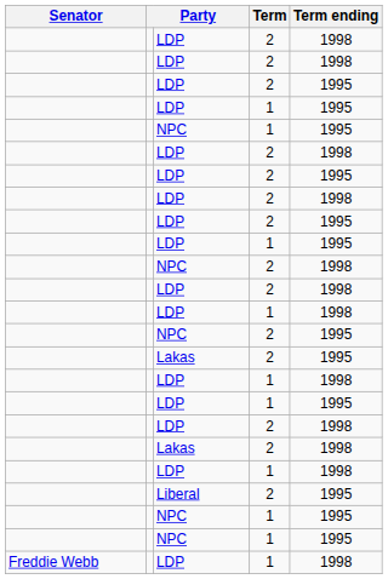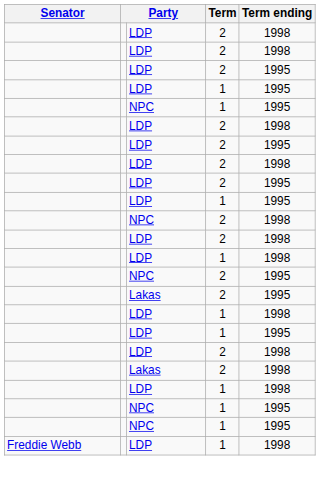 <table class="wikitable sortable">
 <tr>
 <th width="150px"><a href='#'>Senator</a></th>
 <th colspan="2"><a href='#'>Party</a></th>
 <th>Term</th>
 <th>Term ending</th>
 </tr>
 <tr>
 <td></td>
 <td></td>
 <td width="100px"><a href='#'>LDP</a></td>
 <td align="center">2</td>
 <td align="center">1998</td>
 </tr>
 <tr>
 <td></td>
 <td></td>
 <td><a href='#'>LDP</a></td>
 <td align="center">2</td>
 <td align="center">1998</td>
 </tr>
 <tr>
 <td></td>
 <td></td>
 <td><a href='#'>LDP</a></td>
 <td align="center">2</td>
 <td align="center">1995</td>
 </tr>
 <tr>
 <td></td>
 <td></td>
 <td><a href='#'>LDP</a></td>
 <td align="center">1</td>
 <td align="center">1995</td>
 </tr>
 <tr>
 <td></td>
 <td></td>
 <td><a href='#'>NPC</a></td>
 <td align="center">1</td>
 <td align="center">1995</td>
 </tr>
 <tr>
 <td></td>
 <td></td>
 <td><a href='#'>LDP</a></td>
 <td align="center">2</td>
 <td align="center">1998</td>
 </tr>
 <tr>
 <td></td>
 <td></td>
 <td><a href='#'>LDP</a></td>
 <td align="center">2</td>
 <td align="center">1995</td>
 </tr>
 <tr>
 <td></td>
 <td></td>
 <td><a href='#'>LDP</a></td>
 <td align="center">2</td>
 <td align="center">1998</td>
 </tr>
 <tr>
 <td></td>
 <td></td>
 <td><a href='#'>LDP</a></td>
 <td align="center">2</td>
 <td align="center">1995</td>
 </tr>
 <tr>
 <td></td>
 <td></td>
 <td><a href='#'>LDP</a></td>
 <td align="center">1</td>
 <td align="center">1995</td>
 </tr>
 <tr>
 <td></td>
 <td></td>
 <td><a href='#'>NPC</a></td>
 <td align="center">2</td>
 <td align="center">1998</td>
 </tr>
 <tr>
 <td></td>
 <td></td>
 <td><a href='#'>LDP</a></td>
 <td align="center">2</td>
 <td align="center">1998</td>
 </tr>
 <tr>
 <td></td>
 <td></td>
 <td><a href='#'>LDP</a></td>
 <td align="center">1</td>
 <td align="center">1998</td>
 </tr>
 <tr>
 <td></td>
 <td></td>
 <td><a href='#'>NPC</a></td>
 <td align="center">2</td>
 <td align="center">1995</td>
 </tr>
 <tr>
 <td></td>
 <td></td>
 <td><a href='#'>Lakas</a></td>
 <td align="center">2</td>
 <td align="center">1995</td>
 </tr>
 <tr>
 <td></td>
 <td></td>
 <td><a href='#'>LDP</a></td>
 <td align="center">1</td>
 <td align="center">1998</td>
 </tr>
 <tr>
 <td></td>
 <td></td>
 <td><a href='#'>LDP</a></td>
 <td align="center">1</td>
 <td align="center">1995</td>
 </tr>
 <tr>
 <td></td>
 <td></td>
 <td><a href='#'>LDP</a></td>
 <td align="center">2</td>
 <td align="center">1998</td>
 </tr>
 <tr>
 <td></td>
 <td></td>
 <td><a href='#'>Lakas</a></td>
 <td align="center">2</td>
 <td align="center">1998</td>
 </tr>
 <tr>
 <td></td>
 <td></td>
 <td><a href='#'>LDP</a></td>
 <td align="center">1</td>
 <td align="center">1998</td>
 </tr>
 <tr>
 <td></td>
 <td></td>
-<td><a href='#'>Liberal</a></td>
-<td align="center">2</td>
-<td align="center">1995</td>
-</tr>
-<tr>
-<td></td>
-<td></td>
 <td><a href='#'>NPC</a></td>
 <td align="center">1</td>
 <td align="center">1995</td>
 </tr>
 <tr>
 <td></td>
 <td></td>
 <td><a href='#'>NPC</a></td>
 <td align="center">1</td>
 <td align="center">1995</td>
 </tr>
 <tr>
 <td><a href='#'>Freddie Webb</a></td>
 <td></td>
 <td><a href='#'>LDP</a></td>
 <td align="center">1</td>
 <td align="center">1998</td>
 </tr>
 </table>
